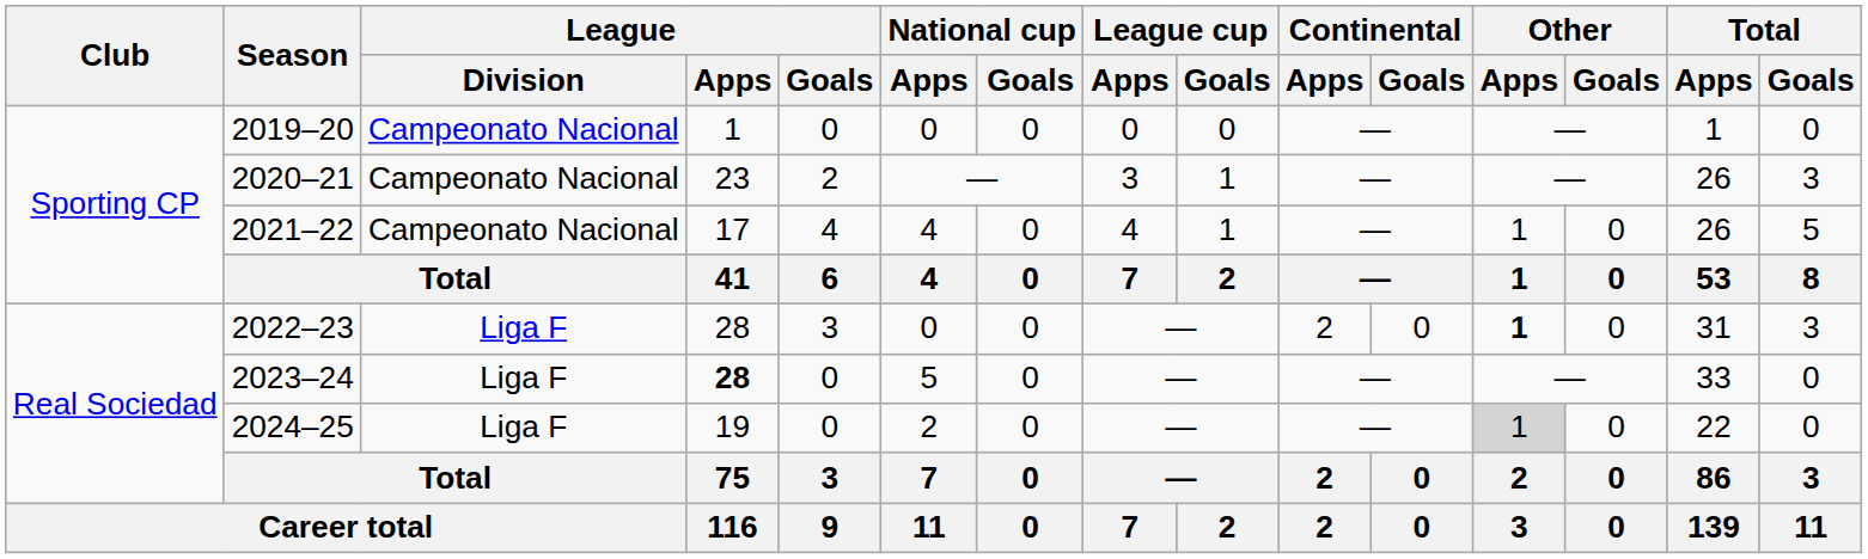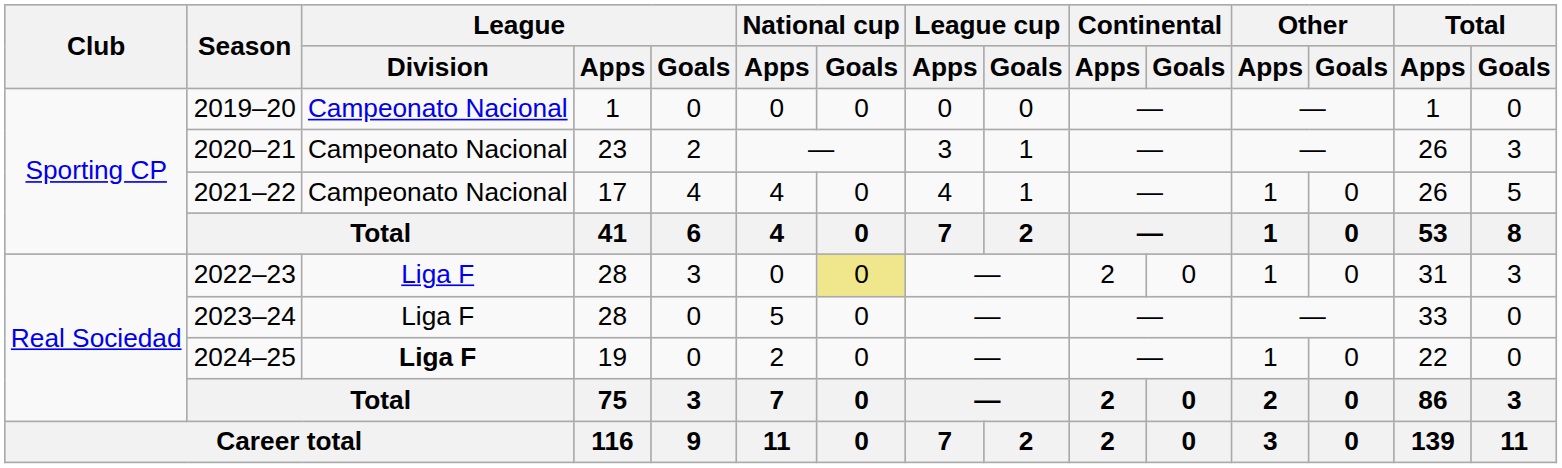 <table class="wikitable" style="text-align:center">
 <tr>
 <th rowspan="2">Club</th>
 <th rowspan="2">Season</th>
 <th colspan="3">League</th>
 <th colspan="2">National cup</th>
 <th colspan="2">League cup</th>
 <th colspan="2">Continental</th>
 <th colspan="2">Other</th>
 <th colspan="2">Total</th>
 </tr>
 <tr>
 <th>Division</th>
 <th>Apps</th>
 <th>Goals</th>
 <th>Apps</th>
 <th>Goals</th>
 <th>Apps</th>
 <th>Goals</th>
 <th>Apps</th>
 <th>Goals</th>
 <th>Apps</th>
 <th>Goals</th>
 <th>Apps</th>
 <th>Goals</th>
 </tr>
 <tr>
 <td rowspan="4"><a href='#'>Sporting CP</a></td>
 <td>2019–20</td>
 <td><a href='#'>Campeonato Nacional</a></td>
 <td>1</td>
 <td>0</td>
 <td>0</td>
 <td>0</td>
 <td>0</td>
 <td>0</td>
 <td colspan="2">—</td>
 <td colspan="2">—</td>
 <td>1</td>
 <td>0</td>
 </tr>
 <tr>
 <td>2020–21</td>
 <td>Campeonato Nacional</td>
 <td>23</td>
 <td>2</td>
 <td colspan="2">—</td>
 <td>3</td>
 <td>1</td>
 <td colspan="2">—</td>
 <td colspan="2">—</td>
 <td>26</td>
 <td>3</td>
 </tr>
 <tr>
 <td>2021–22</td>
 <td>Campeonato Nacional</td>
 <td>17</td>
 <td>4</td>
 <td>4</td>
 <td>0</td>
 <td>4</td>
 <td>1</td>
 <td colspan="2">—</td>
 <td>1</td>
 <td>0</td>
 <td>26</td>
 <td>5</td>
 </tr>
 <tr>
 <th colspan="2">Total</th>
 <th>41</th>
 <th>6</th>
 <th>4</th>
 <th>0</th>
 <th>7</th>
 <th>2</th>
 <th colspan="2">—</th>
 <th>1</th>
 <th>0</th>
 <th>53</th>
 <th>8</th>
 </tr>
 <tr>
 <td rowspan="4"><a href='#'>Real Sociedad</a></td>
 <td>2022–23</td>
 <td><a href='#'>Liga F</a></td>
 <td>28</td>
 <td>3</td>
 <td>0</td>
-<td>0</td>
+<td style="background: khaki;">0</td>
 <td colspan="2">—</td>
 <td>2</td>
 <td>0</td>
-<td><strong>1</strong></td>
+<td>1</td>
 <td>0</td>
 <td>31</td>
 <td>3</td>
 </tr>
 <tr>
 <td>2023–24</td>
 <td>Liga F</td>
-<td><strong>28</strong></td>
+<td>28</td>
 <td>0</td>
 <td>5</td>
 <td>0</td>
 <td colspan="2">—</td>
 <td colspan="2">—</td>
 <td colspan="2">—</td>
 <td>33</td>
 <td>0</td>
 </tr>
 <tr>
 <td>2024–25</td>
-<td>Liga F</td>
+<td><strong>Liga F</strong></td>
 <td>19</td>
 <td>0</td>
 <td>2</td>
 <td>0</td>
 <td colspan="2">—</td>
 <td colspan="2">—</td>
-<td style="background: lightgrey;">1</td>
+<td>1</td>
 <td>0</td>
 <td>22</td>
 <td>0</td>
 </tr>
 <tr>
 <th colspan="2">Total</th>
 <th>75</th>
 <th>3</th>
 <th>7</th>
 <th>0</th>
 <th colspan="2">—</th>
 <th>2</th>
 <th>0</th>
 <th>2</th>
 <th>0</th>
 <th>86</th>
 <th>3</th>
 </tr>
 <tr>
 <th colspan="3">Career total</th>
 <th>116</th>
 <th>9</th>
 <th>11</th>
 <th>0</th>
 <th>7</th>
 <th>2</th>
 <th>2</th>
 <th>0</th>
 <th>3</th>
 <th>0</th>
 <th>139</th>
 <th>11</th>
 </tr>
 </table>
